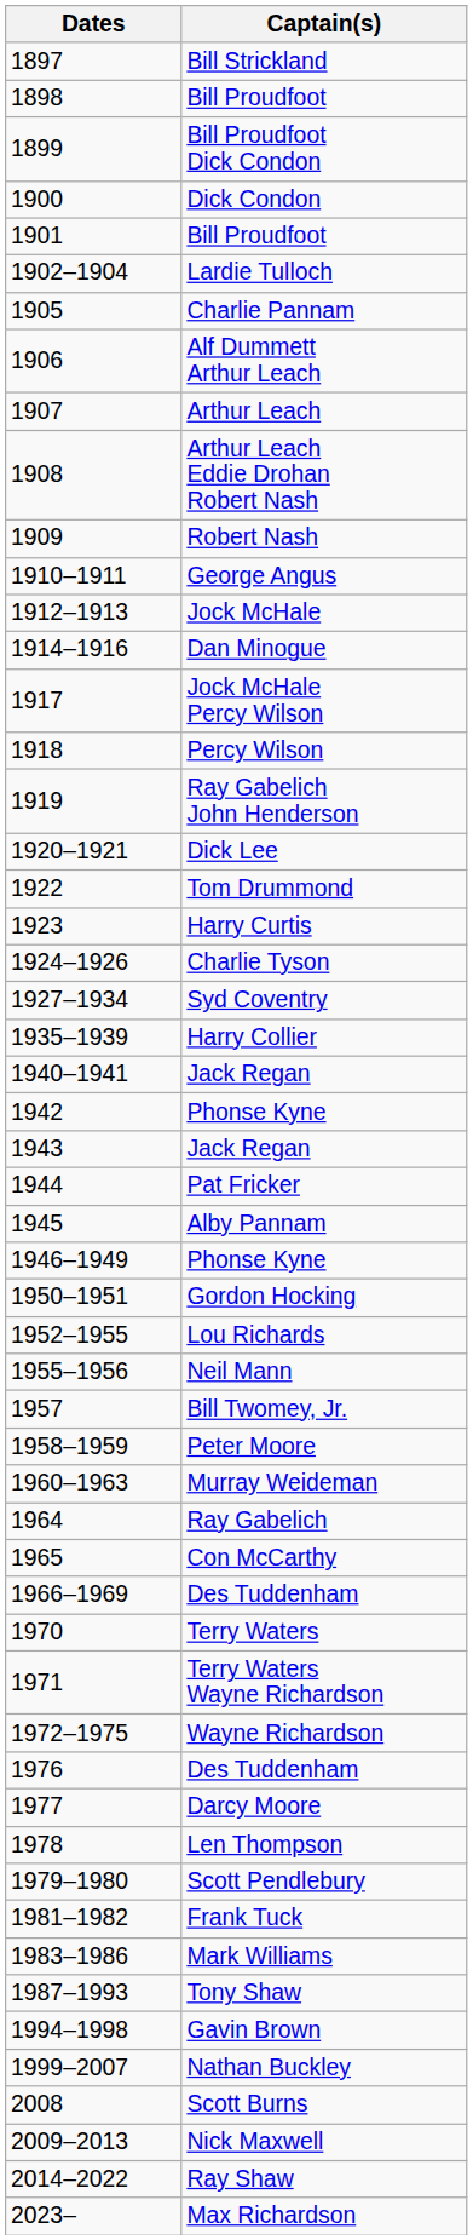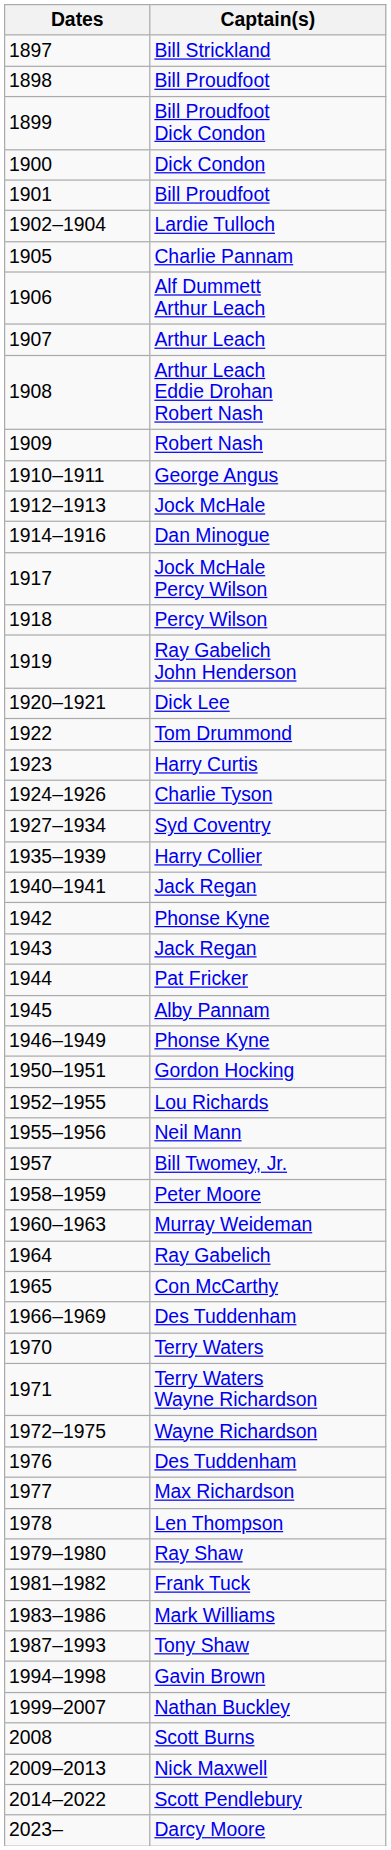 <table class="wikitable" width=25%>
 <tr>
 <th>Dates</th>
 <th>Captain(s)</th>
 </tr>
 <tr>
 <td>1897</td>
 <td><a href='#'>Bill Strickland</a></td>
 </tr>
 <tr>
 <td>1898</td>
 <td><a href='#'>Bill Proudfoot</a></td>
 </tr>
 <tr>
 <td>1899</td>
 <td><a href='#'>Bill Proudfoot</a><br><a href='#'>Dick Condon</a></td>
 </tr>
 <tr>
 <td>1900</td>
 <td><a href='#'>Dick Condon</a></td>
 </tr>
 <tr>
 <td>1901</td>
 <td><a href='#'>Bill Proudfoot</a></td>
 </tr>
 <tr>
 <td>1902–1904</td>
 <td><a href='#'>Lardie Tulloch</a></td>
 </tr>
 <tr>
 <td>1905</td>
 <td><a href='#'>Charlie Pannam</a></td>
 </tr>
 <tr>
 <td>1906</td>
 <td><a href='#'>Alf Dummett</a><br><a href='#'>Arthur Leach</a></td>
 </tr>
 <tr>
 <td>1907</td>
 <td><a href='#'>Arthur Leach</a></td>
 </tr>
 <tr>
 <td>1908</td>
 <td><a href='#'>Arthur Leach</a><br><a href='#'>Eddie Drohan</a><br><a href='#'>Robert Nash</a></td>
 </tr>
 <tr>
 <td>1909</td>
 <td><a href='#'>Robert Nash</a></td>
 </tr>
 <tr>
 <td>1910–1911</td>
 <td><a href='#'>George Angus</a></td>
 </tr>
 <tr>
 <td>1912–1913</td>
 <td><a href='#'>Jock McHale</a></td>
 </tr>
 <tr>
 <td>1914–1916</td>
 <td><a href='#'>Dan Minogue</a></td>
 </tr>
 <tr>
 <td>1917</td>
 <td><a href='#'>Jock McHale</a><br><a href='#'>Percy Wilson</a></td>
 </tr>
 <tr>
 <td>1918</td>
 <td><a href='#'>Percy Wilson</a></td>
 </tr>
 <tr>
 <td>1919</td>
 <td><a href='#'>Ray Gabelich</a><br><a href='#'>John Henderson</a></td>
 </tr>
 <tr>
 <td>1920–1921</td>
 <td><a href='#'>Dick Lee</a></td>
 </tr>
 <tr>
 <td>1922</td>
 <td><a href='#'>Tom Drummond</a></td>
 </tr>
 <tr>
 <td>1923</td>
 <td><a href='#'>Harry Curtis</a></td>
 </tr>
 <tr>
 <td>1924–1926</td>
 <td><a href='#'>Charlie Tyson</a></td>
 </tr>
 <tr>
 <td>1927–1934</td>
 <td><a href='#'>Syd Coventry</a></td>
 </tr>
 <tr>
 <td>1935–1939</td>
 <td><a href='#'>Harry Collier</a></td>
 </tr>
 <tr>
 <td>1940–1941</td>
 <td><a href='#'>Jack Regan</a></td>
 </tr>
 <tr>
 <td>1942</td>
 <td><a href='#'>Phonse Kyne</a></td>
 </tr>
 <tr>
 <td>1943</td>
 <td><a href='#'>Jack Regan</a></td>
 </tr>
 <tr>
 <td>1944</td>
 <td><a href='#'>Pat Fricker</a></td>
 </tr>
 <tr>
 <td>1945</td>
 <td><a href='#'>Alby Pannam</a></td>
 </tr>
 <tr>
 <td>1946–1949</td>
 <td><a href='#'>Phonse Kyne</a></td>
 </tr>
 <tr>
 <td>1950–1951</td>
 <td><a href='#'>Gordon Hocking</a></td>
 </tr>
 <tr>
 <td>1952–1955</td>
 <td><a href='#'>Lou Richards</a></td>
 </tr>
 <tr>
 <td>1955–1956</td>
 <td><a href='#'>Neil Mann</a></td>
 </tr>
 <tr>
 <td>1957</td>
 <td><a href='#'>Bill Twomey, Jr.</a></td>
 </tr>
 <tr>
 <td>1958–1959</td>
 <td><a href='#'>Peter Moore</a></td>
 </tr>
 <tr>
 <td>1960–1963</td>
 <td><a href='#'>Murray Weideman</a></td>
 </tr>
 <tr>
 <td>1964</td>
 <td><a href='#'>Ray Gabelich</a></td>
 </tr>
 <tr>
 <td>1965</td>
 <td><a href='#'>Con McCarthy</a></td>
 </tr>
 <tr>
 <td>1966–1969</td>
 <td><a href='#'>Des Tuddenham</a></td>
 </tr>
 <tr>
 <td>1970</td>
 <td><a href='#'>Terry Waters</a></td>
 </tr>
 <tr>
 <td>1971</td>
 <td><a href='#'>Terry Waters</a><br><a href='#'>Wayne Richardson</a></td>
 </tr>
 <tr>
 <td>1972–1975</td>
 <td><a href='#'>Wayne Richardson</a></td>
 </tr>
 <tr>
 <td>1976</td>
 <td><a href='#'>Des Tuddenham</a></td>
 </tr>
 <tr>
 <td>1977</td>
-<td><a href='#'>Darcy Moore</a></td>
+<td><a href='#'>Max Richardson</a></td>
 </tr>
 <tr>
 <td>1978</td>
 <td><a href='#'>Len Thompson</a></td>
 </tr>
 <tr>
 <td>1979–1980</td>
-<td><a href='#'>Scott Pendlebury</a></td>
+<td><a href='#'>Ray Shaw</a></td>
 </tr>
 <tr>
 <td>1981–1982</td>
 <td><a href='#'>Frank Tuck</a></td>
 </tr>
 <tr>
 <td>1983–1986</td>
 <td><a href='#'>Mark Williams</a></td>
 </tr>
 <tr>
 <td>1987–1993</td>
 <td><a href='#'>Tony Shaw</a></td>
 </tr>
 <tr>
 <td>1994–1998</td>
 <td><a href='#'>Gavin Brown</a></td>
 </tr>
 <tr>
 <td>1999–2007</td>
 <td><a href='#'>Nathan Buckley</a></td>
 </tr>
 <tr>
 <td>2008</td>
 <td><a href='#'>Scott Burns</a></td>
 </tr>
 <tr>
 <td>2009–2013</td>
 <td><a href='#'>Nick Maxwell</a></td>
 </tr>
 <tr>
 <td>2014–2022</td>
-<td><a href='#'>Ray Shaw</a></td>
+<td><a href='#'>Scott Pendlebury</a></td>
 </tr>
 <tr>
 <td>2023–</td>
-<td><a href='#'>Max Richardson</a></td>
+<td><a href='#'>Darcy Moore</a></td>
 </tr>
 </table>
